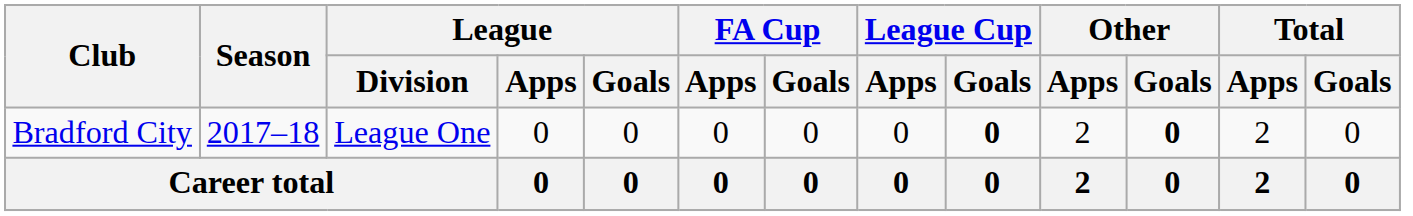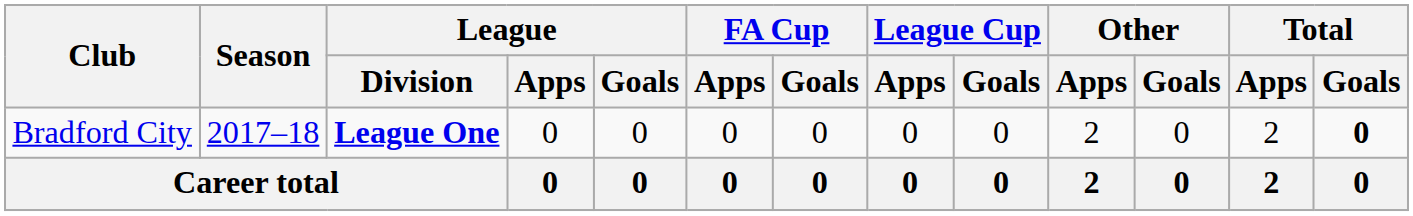 <table class=wikitable style="text-align: center">
 <tr>
 <th rowspan=2>Club</th>
 <th rowspan=2>Season</th>
 <th colspan=3>League</th>
 <th colspan=2><a href='#'>FA Cup</a></th>
 <th colspan=2><a href='#'>League Cup</a></th>
 <th colspan=2>Other</th>
 <th colspan=2>Total</th>
 </tr>
 <tr>
 <th>Division</th>
 <th>Apps</th>
 <th>Goals</th>
 <th>Apps</th>
 <th>Goals</th>
 <th>Apps</th>
 <th>Goals</th>
 <th>Apps</th>
 <th>Goals</th>
 <th>Apps</th>
 <th>Goals</th>
 </tr>
 <tr>
 <td rowspan=1><a href='#'>Bradford City</a></td>
 <td><a href='#'>2017–18</a></td>
-<td><a href='#'>League One</a></td>
+<td><strong><a href='#'>League One</a></strong></td>
 <td>0</td>
 <td>0</td>
 <td>0</td>
 <td>0</td>
 <td>0</td>
-<td><strong>0</strong></td>
+<td>0</td>
+<td>2</td>
+<td>0</td>
 <td>2</td>
 <td><strong>0</strong></td>
-<td>2</td>
-<td>0</td>
 </tr>
 <tr>
 <th colspan=3>Career total</th>
 <th>0</th>
 <th>0</th>
 <th>0</th>
 <th>0</th>
 <th>0</th>
 <th>0</th>
 <th>2</th>
 <th>0</th>
 <th>2</th>
 <th>0</th>
 </tr>
 </table>
